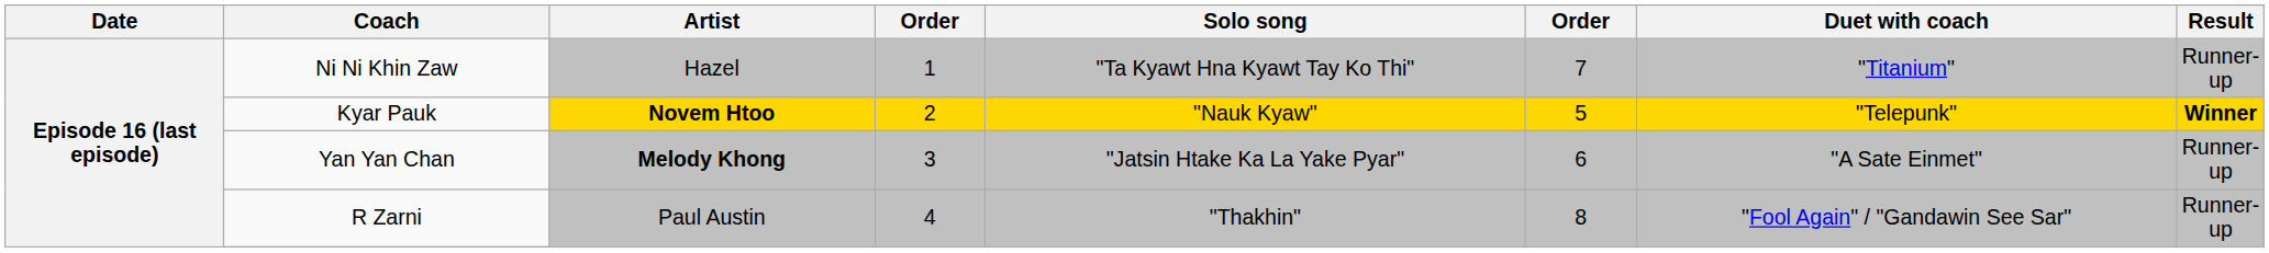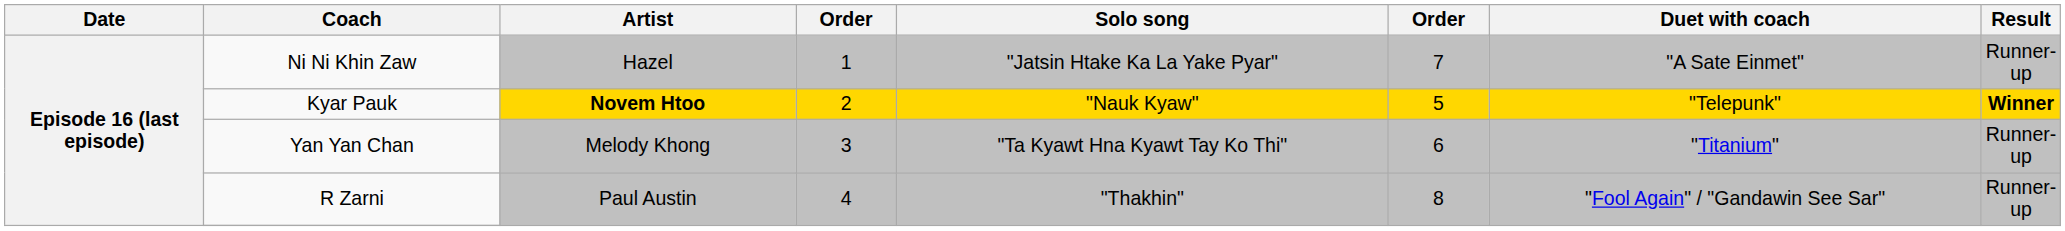 <table class="wikitable" style="text-align:center; width:85%;">
 <tr>
 <th width="10%">Date</th>
 <th width="15%">Coach</th>
 <th width="15%">Artist</th>
 <th width="05%">Order</th>
 <th width="25%">Solo song</th>
 <th width="05%">Order</th>
 <th width="25%">Duet with coach</th>
 <th width="10%">Result</th>
 </tr>
 <tr>
 <th rowspan="12" scope="row">Episode 16 (last episode)<br></th>
 <td>Ni Ni Khin Zaw</td>
 <td style="background:silver;">Hazel</td>
 <td style="background:silver;">1</td>
-<td style="background:silver;">"Ta Kyawt Hna Kyawt Tay Ko Thi"</td>
+<td style="background:silver;">"Jatsin Htake Ka La Yake Pyar"</td>
 <td style="background:silver;">7</td>
-<td style="background:silver;">"<a href='#'>Titanium</a>"</td>
+<td style="background:silver;">"A Sate Einmet"</td>
 <td style="background:silver;">Runner-up</td>
 </tr>
 <tr>
 <td>Kyar Pauk</td>
 <td style="background:gold;"><strong>Novem Htoo</strong></td>
 <td style="background:gold;">2</td>
 <td style="background:gold;">"Nauk Kyaw"</td>
 <td style="background:gold;">5</td>
 <td style="background:gold;">"Telepunk"</td>
 <td style="background:gold;"><strong>Winner</strong></td>
 </tr>
 <tr>
 <td>Yan Yan Chan</td>
-<td style="background:silver;"><strong>Melody Khong</strong></td>
+<td style="background:silver;">Melody Khong</td>
 <td style="background:silver;">3</td>
-<td style="background:silver;">"Jatsin Htake Ka La Yake Pyar"</td>
+<td style="background:silver;">"Ta Kyawt Hna Kyawt Tay Ko Thi"</td>
 <td style="background:silver;">6</td>
-<td style="background:silver;">"A Sate Einmet"</td>
+<td style="background:silver;">"<a href='#'>Titanium</a>"</td>
 <td style="background:silver;">Runner-up</td>
 </tr>
 <tr>
 <td>R Zarni</td>
 <td style="background:silver;">Paul Austin</td>
 <td style="background:silver;">4</td>
 <td style="background:silver;">"Thakhin"</td>
 <td style="background:silver;">8</td>
 <td style="background:silver;">"<a href='#'>Fool Again</a>" / "Gandawin See Sar"</td>
 <td style="background:silver;">Runner-up</td>
 </tr>
 <tr>
 </tr>
 </table>
